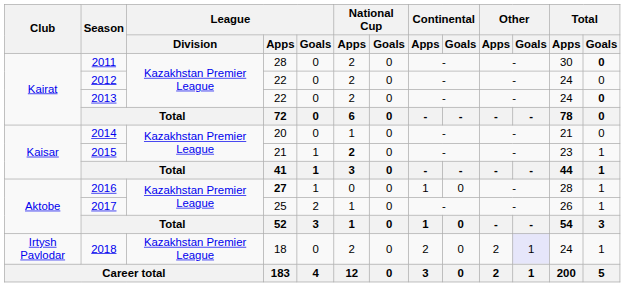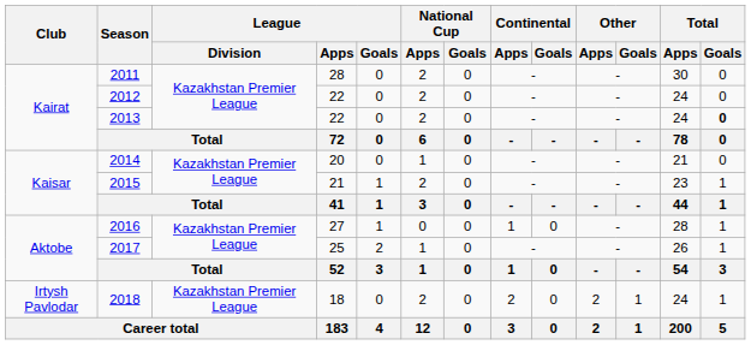 <table class="wikitable" style="text-align: center">
 <tr>
 <th rowspan="2">Club</th>
 <th rowspan="2">Season</th>
 <th colspan="3">League</th>
 <th colspan="2">National Cup</th>
 <th colspan="2">Continental</th>
 <th colspan="2">Other</th>
 <th colspan="2">Total</th>
 </tr>
 <tr>
 <th>Division</th>
 <th>Apps</th>
 <th>Goals</th>
 <th>Apps</th>
 <th>Goals</th>
 <th>Apps</th>
 <th>Goals</th>
 <th>Apps</th>
 <th>Goals</th>
 <th>Apps</th>
 <th>Goals</th>
 </tr>
 <tr>
 <td rowspan="4"><a href='#'>Kairat</a></td>
 <td><a href='#'>2011</a></td>
 <td rowspan="3"><a href='#'>Kazakhstan Premier League</a></td>
 <td>28</td>
 <td>0</td>
 <td>2</td>
 <td>0</td>
 <td colspan="2">-</td>
 <td colspan="2">-</td>
 <td>30</td>
-<td><strong>0</strong></td>
+<td>0</td>
 </tr>
 <tr>
 <td><a href='#'>2012</a></td>
 <td>22</td>
 <td>0</td>
 <td>2</td>
 <td>0</td>
 <td colspan="2">-</td>
 <td colspan="2">-</td>
 <td>24</td>
 <td>0</td>
 </tr>
 <tr>
 <td><a href='#'>2013</a></td>
 <td>22</td>
 <td>0</td>
 <td>2</td>
 <td>0</td>
 <td colspan="2">-</td>
 <td colspan="2">-</td>
 <td>24</td>
 <td><strong>0</strong></td>
 </tr>
 <tr>
 <th colspan="2">Total</th>
 <th>72</th>
 <th>0</th>
 <th>6</th>
 <th>0</th>
 <th>-</th>
 <th>-</th>
 <th>-</th>
 <th>-</th>
 <th>78</th>
 <th>0</th>
 </tr>
 <tr>
 <td rowspan="3"><a href='#'>Kaisar</a></td>
 <td><a href='#'>2014</a></td>
 <td rowspan="2"><a href='#'>Kazakhstan Premier League</a></td>
 <td>20</td>
 <td>0</td>
 <td>1</td>
 <td>0</td>
 <td colspan="2">-</td>
 <td colspan="2">-</td>
 <td>21</td>
 <td>0</td>
 </tr>
 <tr>
 <td><a href='#'>2015</a></td>
 <td>21</td>
 <td>1</td>
-<td><strong>2</strong></td>
+<td>2</td>
 <td>0</td>
 <td colspan="2">-</td>
 <td colspan="2">-</td>
 <td>23</td>
 <td>1</td>
 </tr>
 <tr>
 <th colspan="2">Total</th>
 <th>41</th>
 <th>1</th>
 <th>3</th>
 <th>0</th>
 <th>-</th>
 <th>-</th>
 <th>-</th>
 <th>-</th>
 <th>44</th>
 <th>1</th>
 </tr>
 <tr>
 <td rowspan="3"><a href='#'>Aktobe</a></td>
 <td><a href='#'>2016</a></td>
 <td rowspan="2"><a href='#'>Kazakhstan Premier League</a></td>
-<td><strong>27</strong></td>
+<td>27</td>
 <td>1</td>
 <td>0</td>
 <td>0</td>
 <td>1</td>
 <td>0</td>
 <td colspan="2">-</td>
 <td>28</td>
 <td>1</td>
 </tr>
 <tr>
 <td><a href='#'>2017</a></td>
 <td>25</td>
 <td>2</td>
 <td>1</td>
 <td>0</td>
 <td colspan="2">-</td>
 <td colspan="2">-</td>
 <td>26</td>
 <td>1</td>
 </tr>
 <tr>
 <th colspan="2">Total</th>
 <th>52</th>
 <th>3</th>
 <th>1</th>
 <th>0</th>
 <th>1</th>
 <th>0</th>
 <th>-</th>
 <th>-</th>
 <th>54</th>
 <th>3</th>
 </tr>
 <tr>
 <td><a href='#'>Irtysh Pavlodar</a></td>
 <td><a href='#'>2018</a></td>
 <td><a href='#'>Kazakhstan Premier League</a></td>
 <td>18</td>
 <td>0</td>
 <td>2</td>
 <td>0</td>
 <td>2</td>
 <td>0</td>
 <td>2</td>
-<td style="background: lavender;">1</td>
+<td>1</td>
 <td>24</td>
 <td>1</td>
 </tr>
 <tr>
 <th colspan="3">Career total</th>
 <th>183</th>
 <th>4</th>
 <th>12</th>
 <th>0</th>
 <th>3</th>
 <th>0</th>
 <th>2</th>
 <th>1</th>
 <th>200</th>
 <th>5</th>
 </tr>
 </table>
